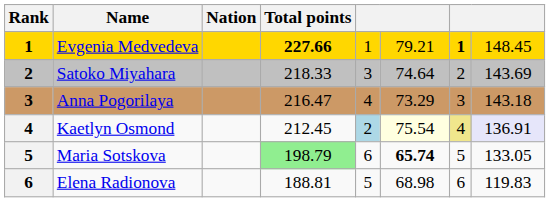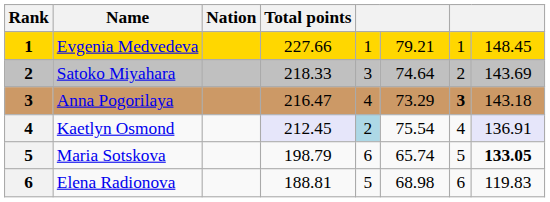 <table class="wikitable sortable">
 <tr>
 <th>Rank</th>
 <th>Name</th>
 <th>Nation</th>
 <th>Total points</th>
 <th colspan="2" width="80px"></th>
 <th colspan="2" width="80px"></th>
 </tr>
 <tr bgcolor="gold">
 <td align="center"><strong>1</strong></td>
 <td><a href='#'>Evgenia Medvedeva</a></td>
 <td></td>
-<td align="center"><strong>227.66</strong></td>
+<td align="center">227.66</td>
 <td align="center">1</td>
 <td align="center">79.21</td>
-<td align="center"><strong>1</strong></td>
+<td align="center">1</td>
 <td align="center">148.45</td>
 </tr>
 <tr bgcolor="silver">
 <td align="center"><strong>2</strong></td>
 <td><a href='#'>Satoko Miyahara</a></td>
 <td></td>
 <td align="center">218.33</td>
 <td align="center">3</td>
 <td align="center">74.64</td>
 <td align="center">2</td>
 <td align="center">143.69</td>
 </tr>
 <tr bgcolor="cc9966">
 <td align="center"><strong>3</strong></td>
 <td><a href='#'>Anna Pogorilaya</a></td>
 <td></td>
 <td align="center">216.47</td>
 <td align="center">4</td>
 <td align="center">73.29</td>
-<td align="center">3</td>
+<td align="center"><strong>3</strong></td>
 <td align="center">143.18</td>
 </tr>
 <tr>
 <th>4</th>
 <td><a href='#'>Kaetlyn Osmond</a></td>
 <td></td>
-<td align="center">212.45</td>
+<td align="center" style="background: lavender;">212.45</td>
 <td align="center" style="background: lightblue;">2</td>
-<td align="center" style="background: lightyellow;">75.54</td>
-<td align="center" style="background: khaki;">4</td>
+<td align="center">75.54</td>
+<td align="center">4</td>
 <td align="center" style="background: lavender;">136.91</td>
 </tr>
 <tr>
 <th>5</th>
 <td><a href='#'>Maria Sotskova</a></td>
 <td></td>
-<td align="center" style="background: lightgreen;">198.79</td>
+<td align="center">198.79</td>
 <td align="center">6</td>
-<td align="center"><strong>65.74</strong></td>
+<td align="center">65.74</td>
 <td align="center">5</td>
-<td align="center">133.05</td>
+<td align="center"><strong>133.05</strong></td>
 </tr>
 <tr>
 <th>6</th>
 <td><a href='#'>Elena Radionova</a></td>
 <td></td>
 <td align="center">188.81</td>
 <td align="center">5</td>
 <td align="center">68.98</td>
 <td align="center">6</td>
 <td align="center">119.83</td>
 </tr>
 </table>
